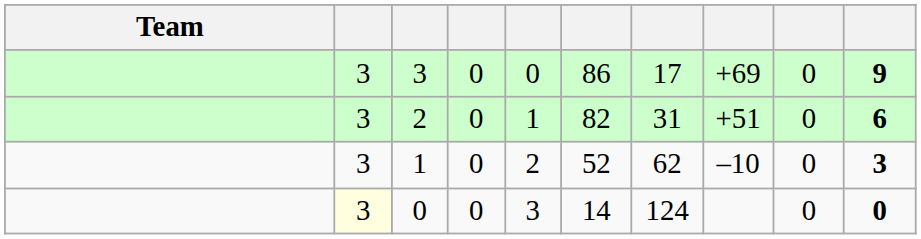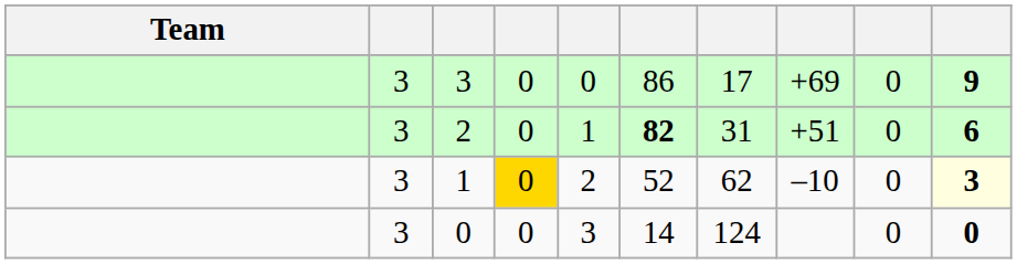 <table class="wikitable" style="text-align:center;">
 <tr>
 <th style="width:11.0em;">Team</th>
 <th style="width:1.5em;"></th>
 <th style="width:1.5em;"></th>
 <th style="width:1.5em;"></th>
 <th style="width:1.5em;"></th>
 <th style="width:2.0em;"></th>
 <th style="width:2.0em;"></th>
 <th style="width:2.0em;"></th>
 <th style="width:2.0em;"></th>
 <th style="width:2.0em;"></th>
 </tr>
 <tr bgcolor=#cfc>
 <td align="left"></td>
 <td>3</td>
 <td>3</td>
 <td>0</td>
 <td>0</td>
 <td>86</td>
 <td>17</td>
 <td>+69</td>
 <td>0</td>
 <td><strong>9</strong></td>
 </tr>
 <tr bgcolor=#cfc>
 <td align="left"></td>
 <td>3</td>
 <td>2</td>
 <td>0</td>
 <td>1</td>
-<td>82</td>
+<td><strong>82</strong></td>
 <td>31</td>
 <td>+51</td>
 <td>0</td>
 <td><strong>6</strong></td>
 </tr>
 <tr>
 <td align="left"></td>
 <td>3</td>
 <td>1</td>
-<td>0</td>
+<td style="background: gold;">0</td>
 <td>2</td>
 <td>52</td>
 <td>62</td>
 <td>–10</td>
 <td>0</td>
-<td><strong>3</strong></td>
+<td style="background: lightyellow;"><strong>3</strong></td>
 </tr>
 <tr>
 <td align="left"></td>
-<td style="background: lightyellow;">3</td>
+<td>3</td>
 <td>0</td>
 <td>0</td>
 <td>3</td>
 <td>14</td>
 <td>124</td>
 <td></td>
 <td>0</td>
 <td><strong>0</strong></td>
 </tr>
 </table>
